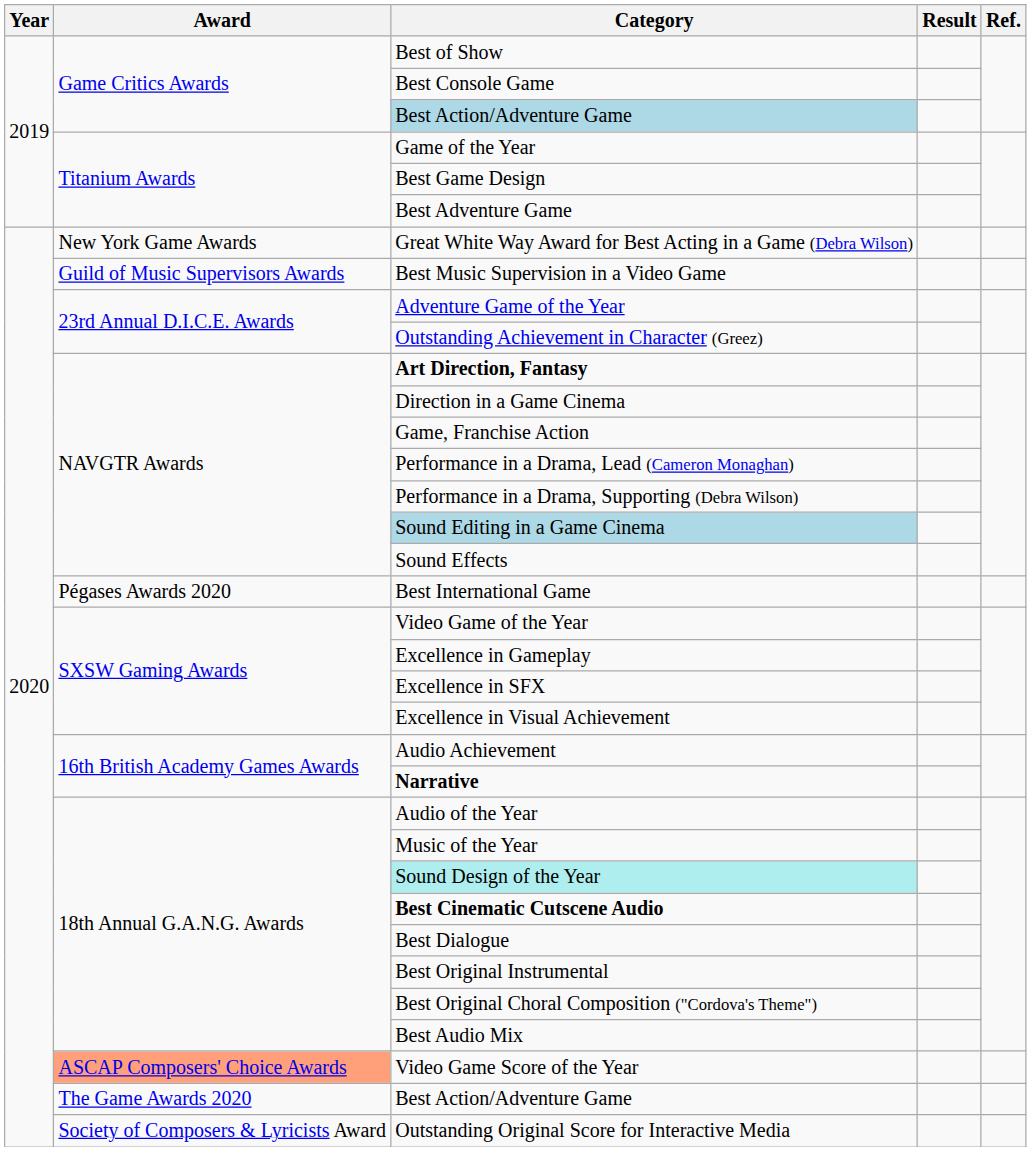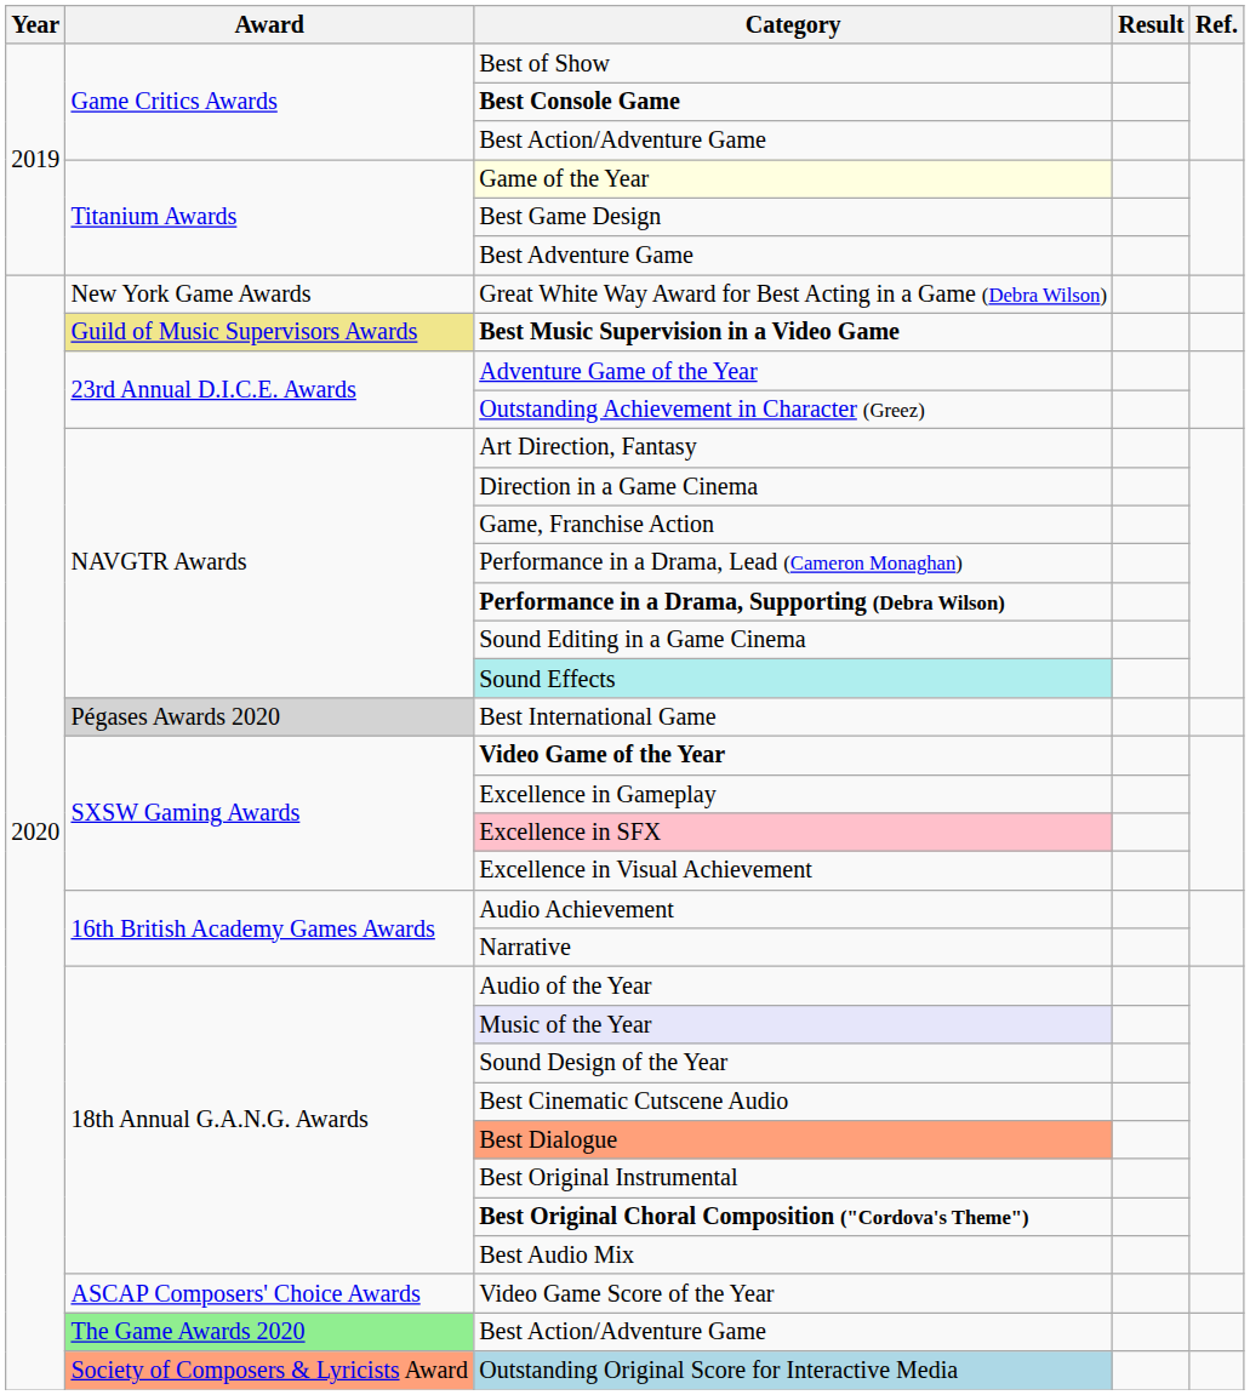 <table class="wikitable sortable">
 <tr>
 <th>Year</th>
 <th>Award</th>
 <th>Category</th>
 <th>Result</th>
 <th>Ref.</th>
 </tr>
 <tr>
 <td style="text-align:center;" rowspan="6">2019</td>
 <td rowspan="3"><a href='#'>Game Critics Awards</a></td>
 <td>Best of Show</td>
 <td></td>
 <td rowspan="3" style="text-align:center;"></td>
 </tr>
 <tr>
-<td>Best Console Game</td>
+<td><strong>Best Console Game</strong></td>
 <td></td>
 </tr>
 <tr>
-<td style="background: lightblue;">Best Action/Adventure Game</td>
+<td>Best Action/Adventure Game</td>
 <td></td>
 </tr>
 <tr>
 <td rowspan="3"><a href='#'>Titanium Awards</a></td>
-<td>Game of the Year</td>
+<td style="background: lightyellow;">Game of the Year</td>
 <td></td>
 <td rowspan="3" style="text-align:center;"></td>
 </tr>
 <tr>
 <td>Best Game Design</td>
 <td></td>
 </tr>
 <tr>
 <td>Best Adventure Game</td>
 <td></td>
 </tr>
 <tr>
 <td rowspan="29" style="text-align:center;">2020</td>
 <td>New York Game Awards</td>
 <td>Great White Way Award for Best Acting in a Game <small>(<a href='#'>Debra Wilson</a>)</small></td>
 <td></td>
 <td style="text-align:center;"></td>
 </tr>
 <tr>
-<td><a href='#'>Guild of Music Supervisors Awards</a></td>
-<td>Best Music Supervision in a Video Game</td>
+<td style="background: khaki;"><a href='#'>Guild of Music Supervisors Awards</a></td>
+<td><strong>Best Music Supervision in a Video Game</strong></td>
 <td></td>
 <td style="text-align:center;"></td>
 </tr>
 <tr>
 <td rowspan="2"><a href='#'>23rd Annual D.I.C.E. Awards</a></td>
 <td><a href='#'>Adventure Game of the Year</a></td>
 <td></td>
 <td rowspan="2" style="text-align:center;"></td>
 </tr>
 <tr>
 <td><a href='#'>Outstanding Achievement in Character</a> <small>(Greez)</small></td>
 <td></td>
 </tr>
 <tr>
 <td rowspan="7">NAVGTR Awards</td>
-<td><strong>Art Direction, Fantasy</strong></td>
+<td>Art Direction, Fantasy</td>
 <td></td>
 <td rowspan="7" style="text-align:center;"></td>
 </tr>
 <tr>
 <td>Direction in a Game Cinema</td>
 <td></td>
 </tr>
 <tr>
 <td>Game, Franchise Action</td>
 <td></td>
 </tr>
 <tr>
 <td>Performance in a Drama, Lead <small>(<a href='#'>Cameron Monaghan</a>)</small></td>
 <td></td>
 </tr>
 <tr>
-<td>Performance in a Drama, Supporting <small>(Debra Wilson)</small></td>
+<td><strong>Performance in a Drama, Supporting <small>(Debra Wilson)</small></strong></td>
 <td></td>
 </tr>
 <tr>
-<td style="background: lightblue;">Sound Editing in a Game Cinema</td>
+<td>Sound Editing in a Game Cinema</td>
 <td></td>
 </tr>
 <tr>
-<td>Sound Effects</td>
+<td style="background: paleturquoise;">Sound Effects</td>
 <td></td>
 </tr>
 <tr>
-<td>Pégases Awards 2020</td>
+<td style="background: lightgrey;">Pégases Awards 2020</td>
 <td>Best International Game</td>
 <td></td>
 <td style="text-align:center;"></td>
 </tr>
 <tr>
 <td rowspan="4"><a href='#'>SXSW Gaming Awards</a></td>
-<td>Video Game of the Year</td>
+<td><strong>Video Game of the Year</strong></td>
 <td></td>
 <td rowspan="4" style="text-align:center;"></td>
 </tr>
 <tr>
 <td>Excellence in Gameplay</td>
 <td></td>
 </tr>
 <tr>
-<td>Excellence in SFX</td>
+<td style="background: pink;">Excellence in SFX</td>
 <td></td>
 </tr>
 <tr>
 <td>Excellence in Visual Achievement</td>
 <td></td>
 </tr>
 <tr>
 <td rowspan="2"><a href='#'>16th British Academy Games Awards</a></td>
 <td>Audio Achievement</td>
 <td></td>
 <td rowspan="2" style="text-align:center;"></td>
 </tr>
 <tr>
-<td><strong>Narrative</strong></td>
+<td>Narrative</td>
 <td></td>
 </tr>
 <tr>
 <td rowspan="8">18th Annual G.A.N.G. Awards</td>
 <td>Audio of the Year</td>
 <td></td>
 <td rowspan="8" style="text-align:center;"></td>
 </tr>
 <tr>
-<td>Music of the Year</td>
+<td style="background: lavender;">Music of the Year</td>
 <td></td>
 </tr>
 <tr>
-<td style="background: paleturquoise;">Sound Design of the Year</td>
+<td>Sound Design of the Year</td>
 <td></td>
 </tr>
 <tr>
-<td><strong>Best Cinematic Cutscene Audio</strong></td>
+<td>Best Cinematic Cutscene Audio</td>
 <td></td>
 </tr>
 <tr>
-<td>Best Dialogue</td>
+<td style="background: lightsalmon;">Best Dialogue</td>
 <td></td>
 </tr>
 <tr>
 <td>Best Original Instrumental</td>
 <td></td>
 </tr>
 <tr>
-<td>Best Original Choral Composition <small>("Cordova's Theme")</small></td>
+<td><strong>Best Original Choral Composition <small>("Cordova's Theme")</small></strong></td>
 <td></td>
 </tr>
 <tr>
 <td>Best Audio Mix</td>
 <td></td>
 </tr>
 <tr>
-<td style="background: lightsalmon;"><a href='#'>ASCAP Composers' Choice Awards</a></td>
+<td><a href='#'>ASCAP Composers' Choice Awards</a></td>
 <td>Video Game Score of the Year</td>
 <td></td>
 <td style="text-align:center;"></td>
 </tr>
 <tr>
-<td><a href='#'>The Game Awards 2020</a></td>
+<td style="background: lightgreen;"><a href='#'>The Game Awards 2020</a></td>
 <td>Best Action/Adventure Game</td>
 <td></td>
 <td style="text-align:center;"></td>
 </tr>
 <tr>
-<td><a href='#'>Society of Composers & Lyricists</a> Award</td>
-<td>Outstanding Original Score for Interactive Media</td>
+<td style="background: lightsalmon;"><a href='#'>Society of Composers & Lyricists</a> Award</td>
+<td style="background: lightblue;">Outstanding Original Score for Interactive Media</td>
 <td></td>
 <td style="text-align:center;"></td>
 </tr>
 </table>
